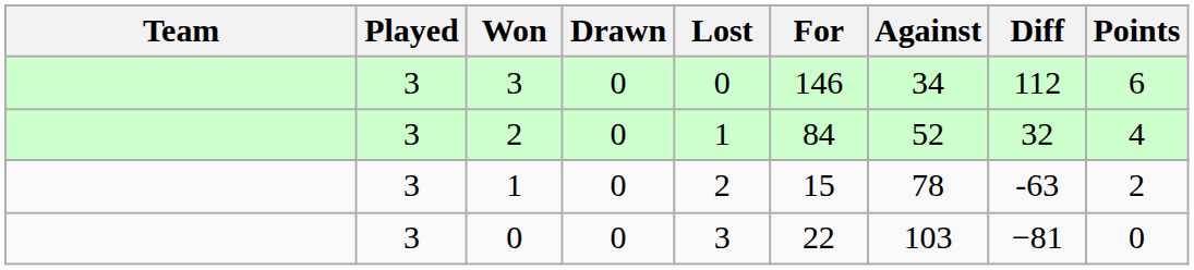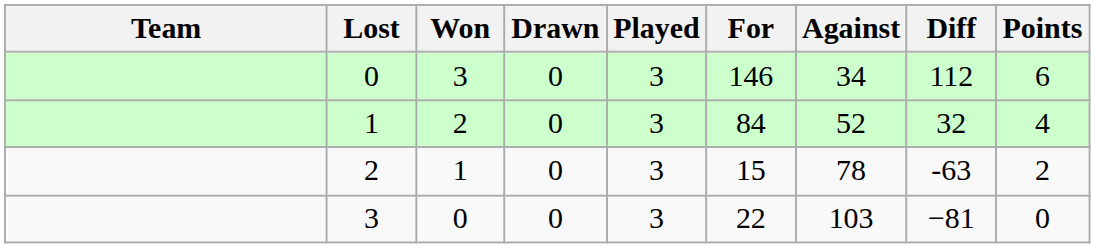 <table class="wikitable">
 <tr>
 <th width=165>Team</th>
-<th width=40>Played</th>
+<th width=40>Lost</th>
 <th width=40>Won</th>
 <th width=40>Drawn</th>
-<th width=40>Lost</th>
+<th width=40>Played</th>
 <th width=40>For</th>
 <th width=40>Against</th>
 <th width=40>Diff</th>
 <th width=40>Points</th>
 </tr>
 <tr bgcolor=#ccffcc align=center>
 <td style="text-align:left;"></td>
-<td>3</td>
+<td>0</td>
 <td>3</td>
 <td>0</td>
-<td>0</td>
+<td>3</td>
 <td>146</td>
 <td>34</td>
 <td>112</td>
 <td>6</td>
 </tr>
 <tr bgcolor=#ccffcc align=center>
 <td style="text-align:left;"></td>
-<td>3</td>
+<td>1</td>
 <td>2</td>
 <td>0</td>
-<td>1</td>
+<td>3</td>
 <td>84</td>
 <td>52</td>
 <td>32</td>
 <td>4</td>
 </tr>
 <tr align=center>
 <td style="text-align:left;"></td>
-<td>3</td>
+<td>2</td>
 <td>1</td>
 <td>0</td>
-<td>2</td>
+<td>3</td>
 <td>15</td>
 <td>78</td>
 <td>-63</td>
 <td>2</td>
 </tr>
 <tr align=center>
 <td style="text-align:left;"></td>
 <td>3</td>
 <td>0</td>
 <td>0</td>
 <td>3</td>
 <td>22</td>
 <td>103</td>
 <td>−81</td>
 <td>0</td>
 </tr>
 </table>
